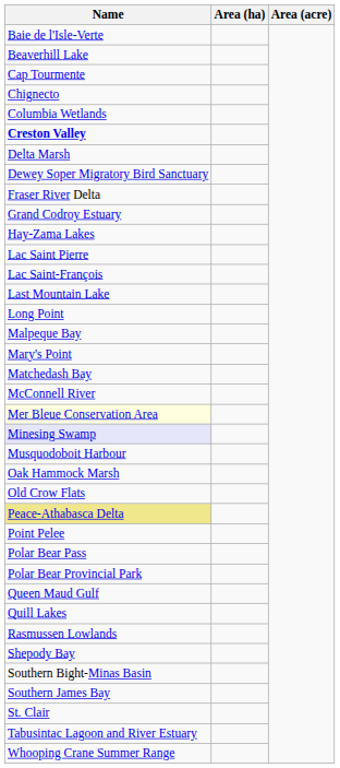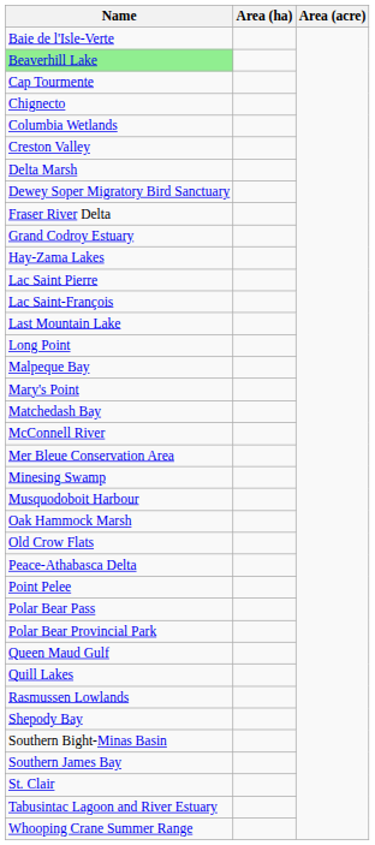 <table class="wikitable sortable">
 <tr>
 <th scope="col" align=left>Name</th>
 <th scope="col">Area (ha)</th>
 <th scope="col">Area (acre)</th>
 </tr>
 <tr ---->
 <td><a href='#'>Baie de l'Isle-Verte</a></td>
 <td></td>
 </tr>
 <tr ---->
-<td><a href='#'>Beaverhill Lake</a></td>
+<td style="background: lightgreen;"><a href='#'>Beaverhill Lake</a></td>
 <td></td>
 </tr>
 <tr ---->
 <td><a href='#'>Cap Tourmente</a></td>
 <td></td>
 </tr>
 <tr ---->
 <td><a href='#'>Chignecto</a></td>
 <td></td>
 </tr>
 <tr ---->
 <td><a href='#'>Columbia Wetlands</a></td>
 <td></td>
 </tr>
 <tr ---->
-<td><strong><a href='#'>Creston Valley</a></strong></td>
+<td><a href='#'>Creston Valley</a></td>
 <td></td>
 </tr>
 <tr ---->
 <td><a href='#'>Delta Marsh</a></td>
 <td></td>
 </tr>
 <tr ---->
 <td><a href='#'>Dewey Soper Migratory Bird Sanctuary</a></td>
 <td></td>
 </tr>
 <tr ---->
 <td><a href='#'>Fraser River</a> Delta</td>
 <td></td>
 </tr>
 <tr ---->
 <td><a href='#'>Grand Codroy Estuary</a></td>
 <td></td>
 </tr>
 <tr ---->
 <td><a href='#'>Hay-Zama Lakes</a></td>
 <td></td>
 </tr>
 <tr ---->
 <td><a href='#'>Lac Saint Pierre</a></td>
 <td></td>
 </tr>
 <tr ---->
 <td><a href='#'>Lac Saint-François</a></td>
 <td></td>
 </tr>
 <tr ---->
 <td><a href='#'>Last Mountain Lake</a></td>
 <td></td>
 </tr>
 <tr ---->
 <td><a href='#'>Long Point</a></td>
 <td></td>
 </tr>
 <tr ---->
 <td><a href='#'>Malpeque Bay</a></td>
 <td></td>
 </tr>
 <tr ---->
 <td><a href='#'>Mary's Point</a></td>
 <td></td>
 </tr>
 <tr ---->
 <td><a href='#'>Matchedash Bay</a></td>
 <td></td>
 </tr>
 <tr ---->
 <td><a href='#'>McConnell River</a></td>
 <td></td>
 </tr>
 <tr ---->
-<td style="background: lightyellow;"><a href='#'>Mer Bleue Conservation Area</a></td>
+<td><a href='#'>Mer Bleue Conservation Area</a></td>
 <td></td>
 </tr>
 <tr ---->
-<td style="background: lavender;"><a href='#'>Minesing Swamp</a></td>
+<td><a href='#'>Minesing Swamp</a></td>
 <td></td>
 </tr>
 <tr ---->
 <td><a href='#'>Musquodoboit Harbour</a></td>
 <td></td>
 </tr>
 <tr ---->
 <td><a href='#'>Oak Hammock Marsh</a></td>
 <td></td>
 </tr>
 <tr ---->
 <td><a href='#'>Old Crow Flats</a></td>
 <td></td>
 </tr>
 <tr ---->
-<td style="background: khaki;"><a href='#'>Peace-Athabasca Delta</a></td>
+<td><a href='#'>Peace-Athabasca Delta</a></td>
 <td></td>
 </tr>
 <tr ---->
 <td><a href='#'>Point Pelee</a></td>
 <td></td>
 </tr>
 <tr ---->
 <td><a href='#'>Polar Bear Pass</a></td>
 <td></td>
 </tr>
 <tr ---->
 <td><a href='#'>Polar Bear Provincial Park</a></td>
 <td></td>
 </tr>
 <tr ---->
 <td><a href='#'>Queen Maud Gulf</a></td>
 <td></td>
 </tr>
 <tr ---->
 <td><a href='#'>Quill Lakes</a></td>
 <td></td>
 </tr>
 <tr ---->
 <td><a href='#'>Rasmussen Lowlands</a></td>
 <td></td>
 </tr>
 <tr ---->
 <td><a href='#'>Shepody Bay</a></td>
 <td></td>
 </tr>
 <tr ---->
 <td>Southern Bight-<a href='#'>Minas Basin</a></td>
 <td></td>
 </tr>
 <tr ---->
 <td><a href='#'>Southern James Bay</a></td>
 <td></td>
 </tr>
 <tr ---->
 <td><a href='#'>St. Clair</a></td>
 <td></td>
 </tr>
 <tr ---->
 <td><a href='#'>Tabusintac Lagoon and River Estuary</a></td>
 <td></td>
 </tr>
 <tr ---->
 <td><a href='#'>Whooping Crane Summer Range</a></td>
 <td></td>
 </tr>
 </table>
